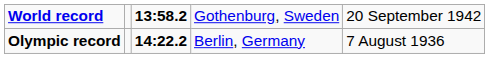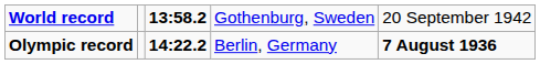 <table class="wikitable">
 <tr>
 <td><strong><a href='#'>World record</a></strong></td>
 <td></td>
 <td><strong>13:58.2</strong></td>
 <td><a href='#'>Gothenburg</a>, <a href='#'>Sweden</a></td>
 <td>20 September 1942</td>
 </tr>
 <tr>
 <td><strong>Olympic record</strong></td>
 <td></td>
 <td><strong>14:22.2</strong></td>
 <td><a href='#'>Berlin</a>, <a href='#'>Germany</a></td>
-<td>7 August 1936</td>
+<td><strong>7 August 1936</strong></td>
 </tr>
 </table>
